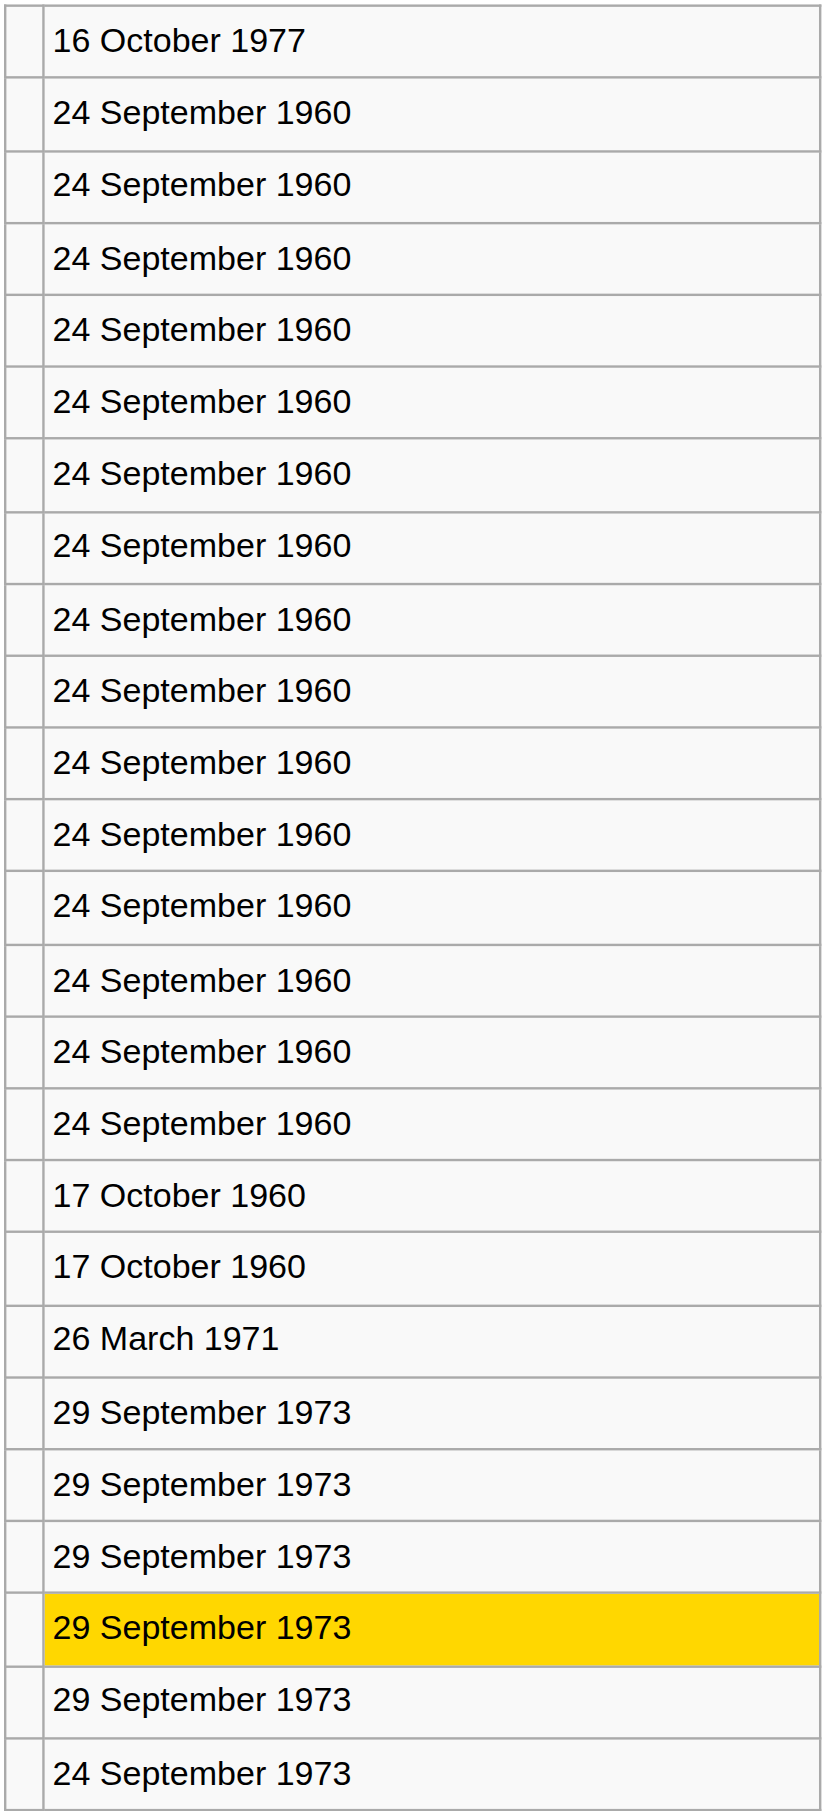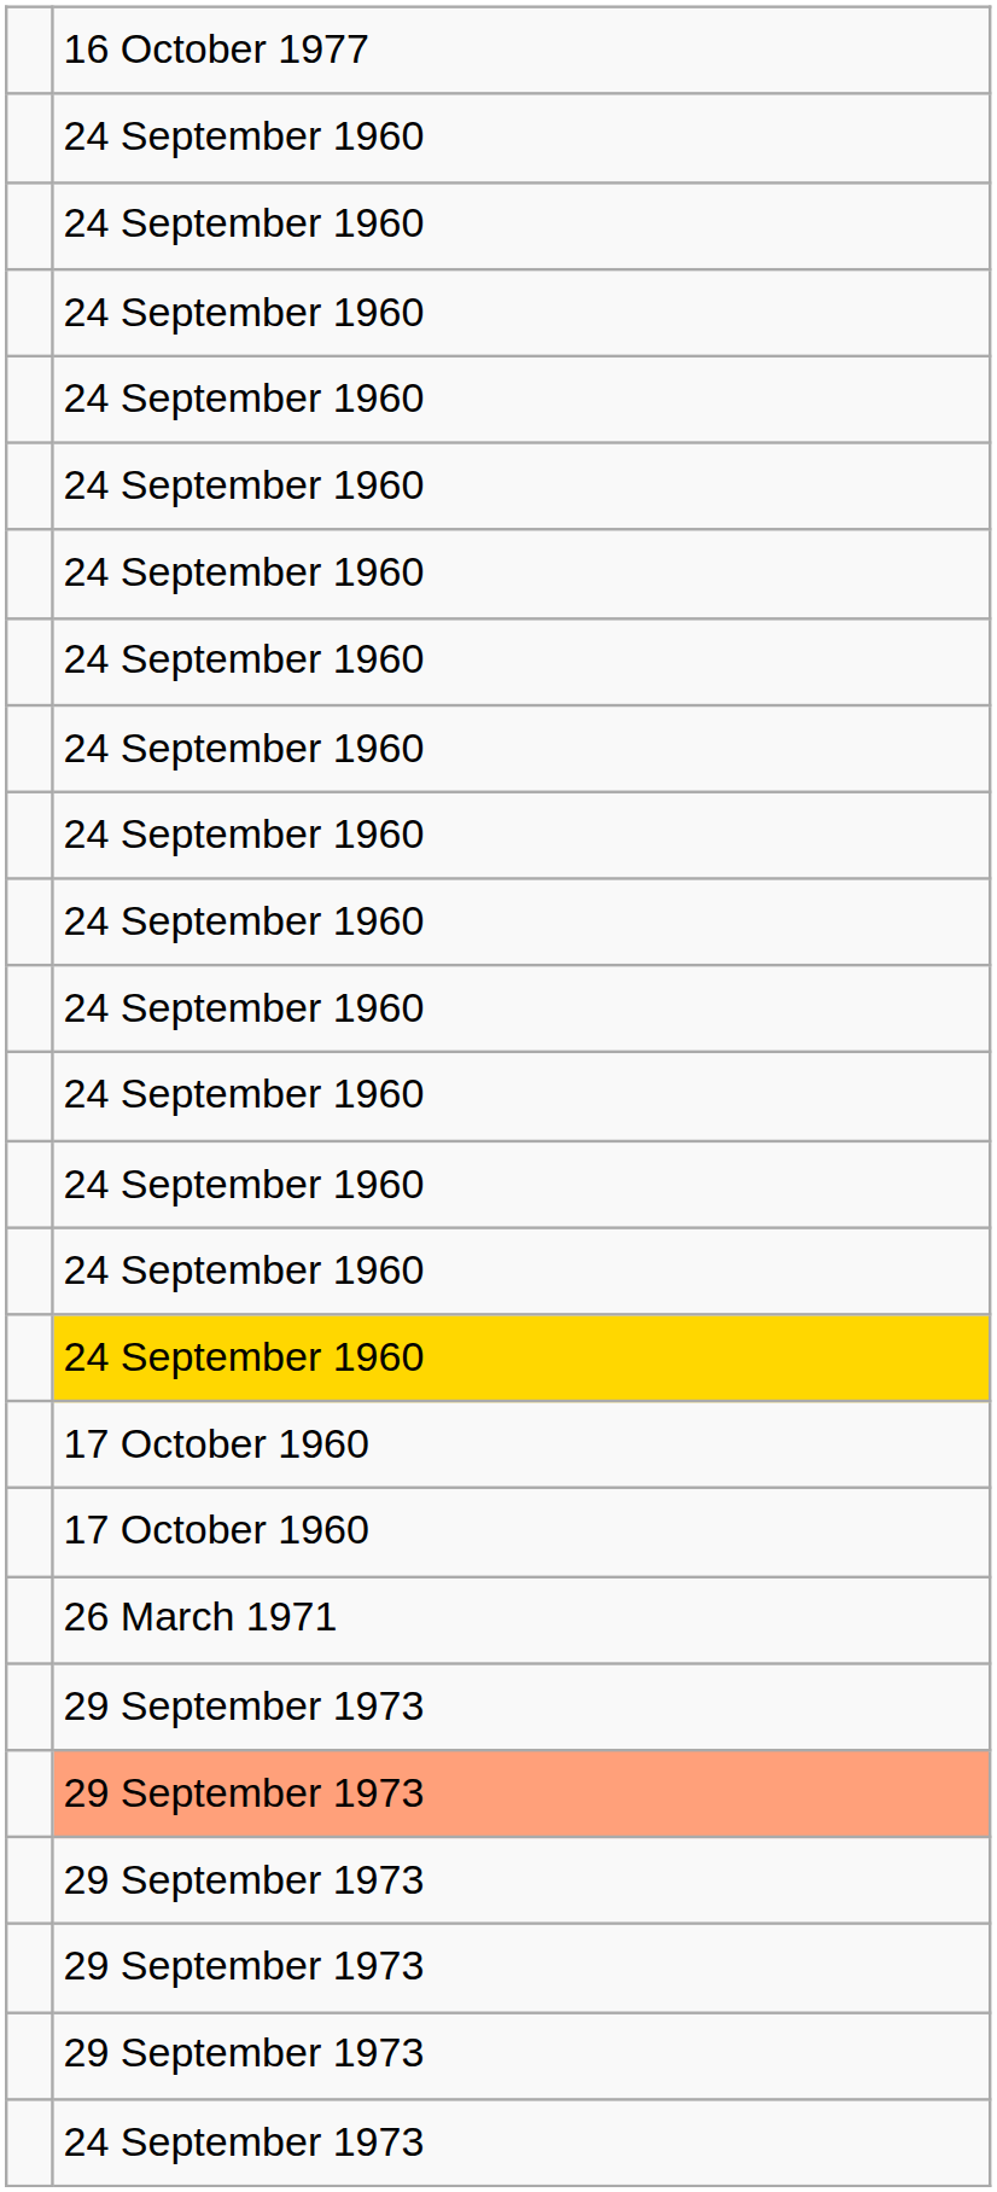 <table class="wikitable" style="font-size: 89%; float: left; width: 24em; margin-right: 1em; line-height: 1.65em">
 <tr>
 <td></td>
 <td>16 October 1977</td>
 </tr>
 <tr>
 <td></td>
 <td>24 September 1960</td>
 </tr>
 <tr>
 <td></td>
 <td>24 September 1960</td>
 </tr>
 <tr>
 <td></td>
 <td>24 September 1960</td>
 </tr>
 <tr>
 <td></td>
 <td>24 September 1960</td>
 </tr>
 <tr>
 <td></td>
 <td>24 September 1960</td>
 </tr>
 <tr>
 <td></td>
 <td>24 September 1960</td>
 </tr>
 <tr>
 <td></td>
 <td>24 September 1960</td>
 </tr>
 <tr>
 <td></td>
 <td>24 September 1960</td>
 </tr>
 <tr>
 <td></td>
 <td>24 September 1960</td>
 </tr>
 <tr>
 <td></td>
 <td>24 September 1960</td>
 </tr>
 <tr>
 <td></td>
 <td>24 September 1960</td>
 </tr>
 <tr>
 <td></td>
 <td>24 September 1960</td>
 </tr>
 <tr>
 <td></td>
 <td>24 September 1960</td>
 </tr>
 <tr>
 <td></td>
 <td>24 September 1960</td>
 </tr>
 <tr>
 <td></td>
-<td>24 September 1960</td>
+<td style="background: gold;">24 September 1960</td>
 </tr>
 <tr>
 <td></td>
 <td>17 October 1960</td>
 </tr>
 <tr>
 <td></td>
 <td>17 October 1960</td>
 </tr>
 <tr>
 <td></td>
 <td>26 March 1971</td>
 </tr>
 <tr>
 <td></td>
 <td>29 September 1973</td>
 </tr>
 <tr>
 <td></td>
-<td>29 September 1973</td>
+<td style="background: lightsalmon;">29 September 1973</td>
 </tr>
 <tr>
 <td></td>
 <td>29 September 1973</td>
 </tr>
 <tr>
 <td></td>
-<td style="background: gold;">29 September 1973</td>
+<td>29 September 1973</td>
 </tr>
 <tr>
 <td></td>
 <td>29 September 1973</td>
 </tr>
 <tr>
 <td></td>
 <td>24 September 1973</td>
 </tr>
 </table>
